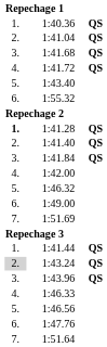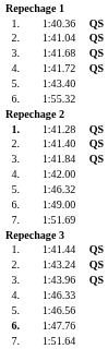 <table style="text-align:center">
 <tr>
 <td colspan=4 align=left><strong>Repechage 1</strong></td>
 </tr>
 <tr>
 <td width=30>1.</td>
 <td align=left></td>
 <td width=80>1:40.36</td>
 <td><strong>QS</strong></td>
 </tr>
 <tr>
 <td>2.</td>
 <td align=left></td>
 <td>1:41.04</td>
 <td><strong>QS</strong></td>
 </tr>
 <tr>
 <td>3.</td>
 <td align=left></td>
 <td>1:41.68</td>
 <td><strong>QS</strong></td>
 </tr>
 <tr>
 <td>4.</td>
 <td align=left></td>
 <td>1:41.72</td>
 <td><strong>QS</strong></td>
 </tr>
 <tr>
 <td>5.</td>
 <td align=left></td>
 <td>1:43.40</td>
 <td></td>
 </tr>
 <tr>
 <td>6.</td>
 <td align=left></td>
 <td>1:55.32</td>
 <td></td>
 </tr>
 <tr>
 <td colspan=4 align=left><strong>Repechage 2</strong></td>
 </tr>
 <tr>
 <td><strong>1.</strong></td>
 <td align=left></td>
 <td>1:41.28</td>
 <td><strong>QS</strong></td>
 </tr>
 <tr>
 <td>2.</td>
 <td align=left></td>
 <td>1:41.40</td>
 <td><strong>QS</strong></td>
 </tr>
 <tr>
 <td>3.</td>
 <td align=left></td>
 <td>1:41.84</td>
 <td><strong>QS</strong></td>
 </tr>
 <tr>
 <td>4.</td>
 <td align=left></td>
 <td>1:42.00</td>
 <td></td>
 </tr>
 <tr>
 <td>5.</td>
 <td align=left></td>
 <td>1:46.32</td>
 <td></td>
 </tr>
 <tr>
 <td>6.</td>
 <td align=left></td>
 <td>1:49.00</td>
 <td></td>
 </tr>
 <tr>
 <td>7.</td>
 <td align=left></td>
 <td>1:51.69</td>
 <td></td>
 </tr>
 <tr>
 <td colspan=4 align=left><strong>Repechage 3</strong></td>
 </tr>
 <tr>
 <td>1.</td>
 <td align=left></td>
 <td>1:41.44</td>
 <td><strong>QS</strong></td>
 </tr>
 <tr>
-<td style="background: lightgrey;">2.</td>
+<td>2.</td>
 <td align=left></td>
 <td>1:43.24</td>
 <td><strong>QS</strong></td>
 </tr>
 <tr>
 <td>3.</td>
 <td align=left></td>
 <td>1:43.96</td>
 <td><strong>QS</strong></td>
 </tr>
 <tr>
 <td>4.</td>
 <td align=left></td>
 <td>1:46.33</td>
 <td></td>
 </tr>
 <tr>
 <td>5.</td>
 <td align=left></td>
 <td>1:46.56</td>
 <td></td>
 </tr>
 <tr>
-<td>6.</td>
+<td><strong>6.</strong></td>
 <td align=left></td>
 <td>1:47.76</td>
 <td></td>
 </tr>
 <tr>
 <td>7.</td>
 <td align=left></td>
 <td>1:51.64</td>
 <td></td>
 </tr>
 </table>
